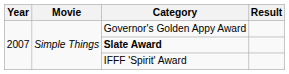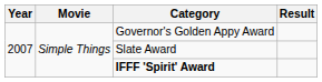 <table class="wikitable sortable">
 <tr>
 <th>Year</th>
 <th>Movie</th>
 <th>Category</th>
 <th align="left">Result</th>
 </tr>
 <tr>
 <td rowspan=3; align="center">2007</td>
 <td rowspan=3; align="center"><em>Simple Things</em></td>
 <td Appalachian Film Festival>Governor's Golden Appy Award</td>
 <td></td>
 </tr>
 <tr>
-<td California Independent Film Festival><strong>Slate Award</strong></td>
+<td California Independent Film Festival>Slate Award</td>
 <td></td>
 </tr>
 <tr>
-<td International Family Film Festival>IFFF 'Spirit' Award</td>
+<td International Family Film Festival><strong>IFFF 'Spirit' Award</strong></td>
 <td></td>
 </tr>
 </table>
